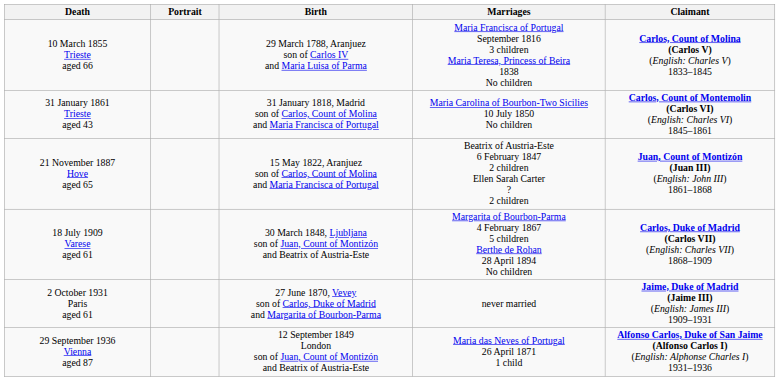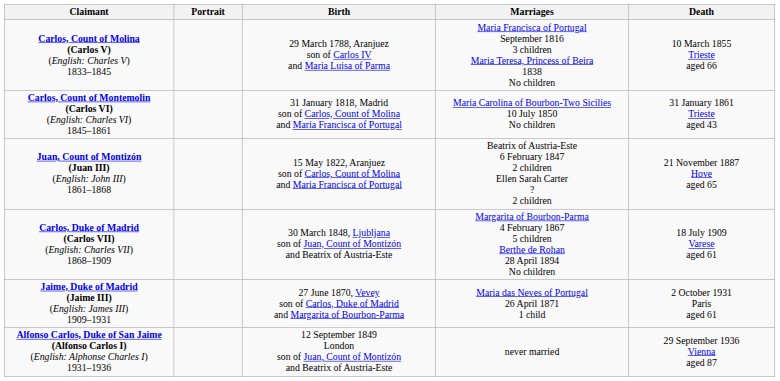 <table style="text-align:center; width:100%" class="wikitable">
 <tr>
-<th width=19%>Death</th>
+<th width=22%>Claimant</th>
 <th width=105px>Portrait</th>
 <th>Birth</th>
 <th width=25%>Marriages</th>
-<th width=22%>Claimant</th>
+<th width=19%>Death</th>
 </tr>
 <tr>
-<td>10 March 1855<br><a href='#'>Trieste</a><br>aged 66</td>
+<td><strong><a href='#'>Carlos, Count of Molina</a></strong><br><strong>(Carlos V)</strong><br>(<em>English: Charles V</em>)<br>1833–1845</td>
 <td></td>
 <td>29 March 1788, Aranjuez<br>son of <a href='#'>Carlos IV</a><br>and <a href='#'>Maria Luisa of Parma</a></td>
 <td><a href='#'>Maria Francisca of Portugal</a><br>September 1816<br>3 children<br><a href='#'>Maria Teresa, Princess of Beira</a><br>1838<br>No children</td>
-<td><strong><a href='#'>Carlos, Count of Molina</a></strong><br><strong>(Carlos V)</strong><br>(<em>English: Charles V</em>)<br>1833–1845</td>
+<td>10 March 1855<br><a href='#'>Trieste</a><br>aged 66</td>
 </tr>
 <tr>
-<td>31 January 1861<br><a href='#'>Trieste</a><br>aged 43</td>
+<td><strong><a href='#'>Carlos, Count of Montemolin</a></strong><br><strong>(Carlos VI)</strong><br>(<em>English: Charles VI</em>)<br>1845–1861</td>
 <td></td>
 <td>31 January 1818, Madrid<br>son of <a href='#'>Carlos, Count of Molina</a><br>and <a href='#'>Maria Francisca of Portugal</a></td>
 <td><a href='#'>Maria Carolina of Bourbon-Two Sicilies</a><br>10 July 1850<br>No children</td>
-<td><strong><a href='#'>Carlos, Count of Montemolin</a></strong><br><strong>(Carlos VI)</strong><br>(<em>English: Charles VI</em>)<br>1845–1861</td>
+<td>31 January 1861<br><a href='#'>Trieste</a><br>aged 43</td>
 </tr>
 <tr>
-<td>21 November 1887<br><a href='#'>Hove</a><br>aged 65</td>
+<td><strong><a href='#'>Juan, Count of Montizón</a></strong><br><strong>(Juan III)</strong><br>(<em>English: John III</em>)<br>1861–1868</td>
 <td></td>
 <td>15 May 1822, Aranjuez<br>son of <a href='#'>Carlos, Count of Molina</a><br>and <a href='#'>Maria Francisca of Portugal</a></td>
 <td>Beatrix of Austria-Este<br>6 February 1847<br>2 children<br>Ellen Sarah Carter<br>?<br>2 children</td>
-<td><strong><a href='#'>Juan, Count of Montizón</a></strong><br><strong>(Juan III)</strong><br>(<em>English: John III</em>)<br>1861–1868</td>
+<td>21 November 1887<br><a href='#'>Hove</a><br>aged 65</td>
 </tr>
 <tr>
-<td>18 July 1909<br><a href='#'>Varese</a><br>aged 61</td>
+<td><strong><a href='#'>Carlos, Duke of Madrid</a></strong><br><strong>(Carlos VII)</strong><br>(<em>English: Charles VII</em>)<br>1868–1909</td>
 <td></td>
 <td>30 March 1848, <a href='#'>Ljubljana</a><br>son of <a href='#'>Juan, Count of Montizón</a><br>and Beatrix of Austria-Este</td>
 <td><a href='#'>Margarita of Bourbon-Parma</a><br>4 February 1867<br>5 children<br><a href='#'>Berthe de Rohan</a><br>28 April 1894<br>No children</td>
-<td><strong><a href='#'>Carlos, Duke of Madrid</a></strong><br><strong>(Carlos VII)</strong><br>(<em>English: Charles VII</em>)<br>1868–1909</td>
+<td>18 July 1909<br><a href='#'>Varese</a><br>aged 61</td>
 </tr>
 <tr>
-<td>2 October 1931<br>Paris<br>aged 61</td>
+<td><strong><a href='#'>Jaime, Duke of Madrid</a></strong><br><strong>(Jaime III)</strong><br>(<em>English: James III</em>)<br>1909–1931</td>
 <td></td>
 <td>27 June 1870, <a href='#'>Vevey</a><br>son of <a href='#'>Carlos, Duke of Madrid</a><br>and <a href='#'>Margarita of Bourbon-Parma</a></td>
-<td>never married</td>
-<td><strong><a href='#'>Jaime, Duke of Madrid</a></strong><br><strong>(Jaime III)</strong><br>(<em>English: James III</em>)<br>1909–1931</td>
+<td><a href='#'>Maria das Neves of Portugal</a><br>26 April 1871<br>1 child</td>
+<td>2 October 1931<br>Paris<br>aged 61</td>
 </tr>
 <tr>
-<td>29 September 1936<br><a href='#'>Vienna</a><br>aged 87</td>
+<td><strong><a href='#'>Alfonso Carlos, Duke of San Jaime</a></strong><br><strong>(Alfonso Carlos I)</strong><br>(<em>English: Alphonse Charles I</em>)<br>1931–1936</td>
 <td></td>
 <td>12 September 1849<br>London<br>son of <a href='#'>Juan, Count of Montizón</a><br>and Beatrix of Austria-Este</td>
-<td><a href='#'>Maria das Neves of Portugal</a><br>26 April 1871<br>1 child</td>
-<td><strong><a href='#'>Alfonso Carlos, Duke of San Jaime</a></strong><br><strong>(Alfonso Carlos I)</strong><br>(<em>English: Alphonse Charles I</em>)<br>1931–1936</td>
+<td>never married</td>
+<td>29 September 1936<br><a href='#'>Vienna</a><br>aged 87</td>
 </tr>
 </table>
